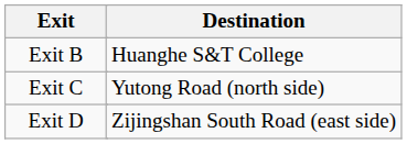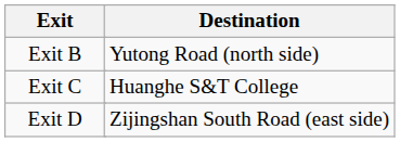 <table class="wikitable">
 <tr>
 <th style="width:70px" colspan="2">Exit</th>
 <th>Destination</th>
 </tr>
 <tr>
 <td align="center" colspan="2">Exit B</td>
-<td>Huanghe S&T College</td>
+<td>Yutong Road (north side)</td>
 </tr>
 <tr>
 <td align="center" colspan="2">Exit C</td>
-<td>Yutong Road (north side)</td>
+<td>Huanghe S&T College</td>
 </tr>
 <tr>
 <td align="center" colspan="2">Exit D</td>
 <td>Zijingshan South Road (east side)</td>
 </tr>
 </table>
